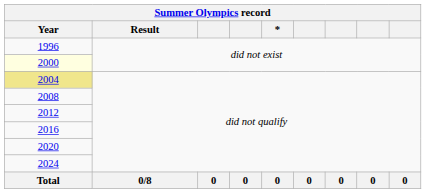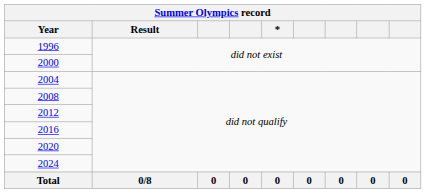 <table class="wikitable" style="text-align: center; width:50%;">
 <tr>
 <th colspan=10><a href='#'>Summer Olympics</a> record</th>
 </tr>
 <tr>
 <th>Year</th>
 <th>Result</th>
 <th></th>
 <th></th>
 <th>*</th>
 <th></th>
 <th></th>
 <th></th>
 <th></th>
 </tr>
 <tr>
 <td> <a href='#'>1996</a></td>
 <td colspan=8 rowspan=2><em>did not exist</em></td>
 </tr>
 <tr>
-<td style="background: lightyellow;"> <a href='#'>2000</a></td>
+<td> <a href='#'>2000</a></td>
 </tr>
 <tr>
-<td style="background: khaki;"> <a href='#'>2004</a></td>
+<td> <a href='#'>2004</a></td>
 <td colspan=8 rowspan=6><em>did not qualify</em></td>
 </tr>
 <tr>
 <td> <a href='#'>2008</a></td>
 </tr>
 <tr>
 <td> <a href='#'>2012</a></td>
 </tr>
 <tr>
 <td> <a href='#'>2016</a></td>
 </tr>
 <tr>
 <td> <a href='#'>2020</a></td>
 </tr>
 <tr>
 <td> <a href='#'>2024</a></td>
 </tr>
 <tr>
 <th>Total</th>
 <th>0/8</th>
 <th>0</th>
 <th>0</th>
 <th>0</th>
 <th>0</th>
 <th>0</th>
 <th>0</th>
 <th>0</th>
 </tr>
 </table>
